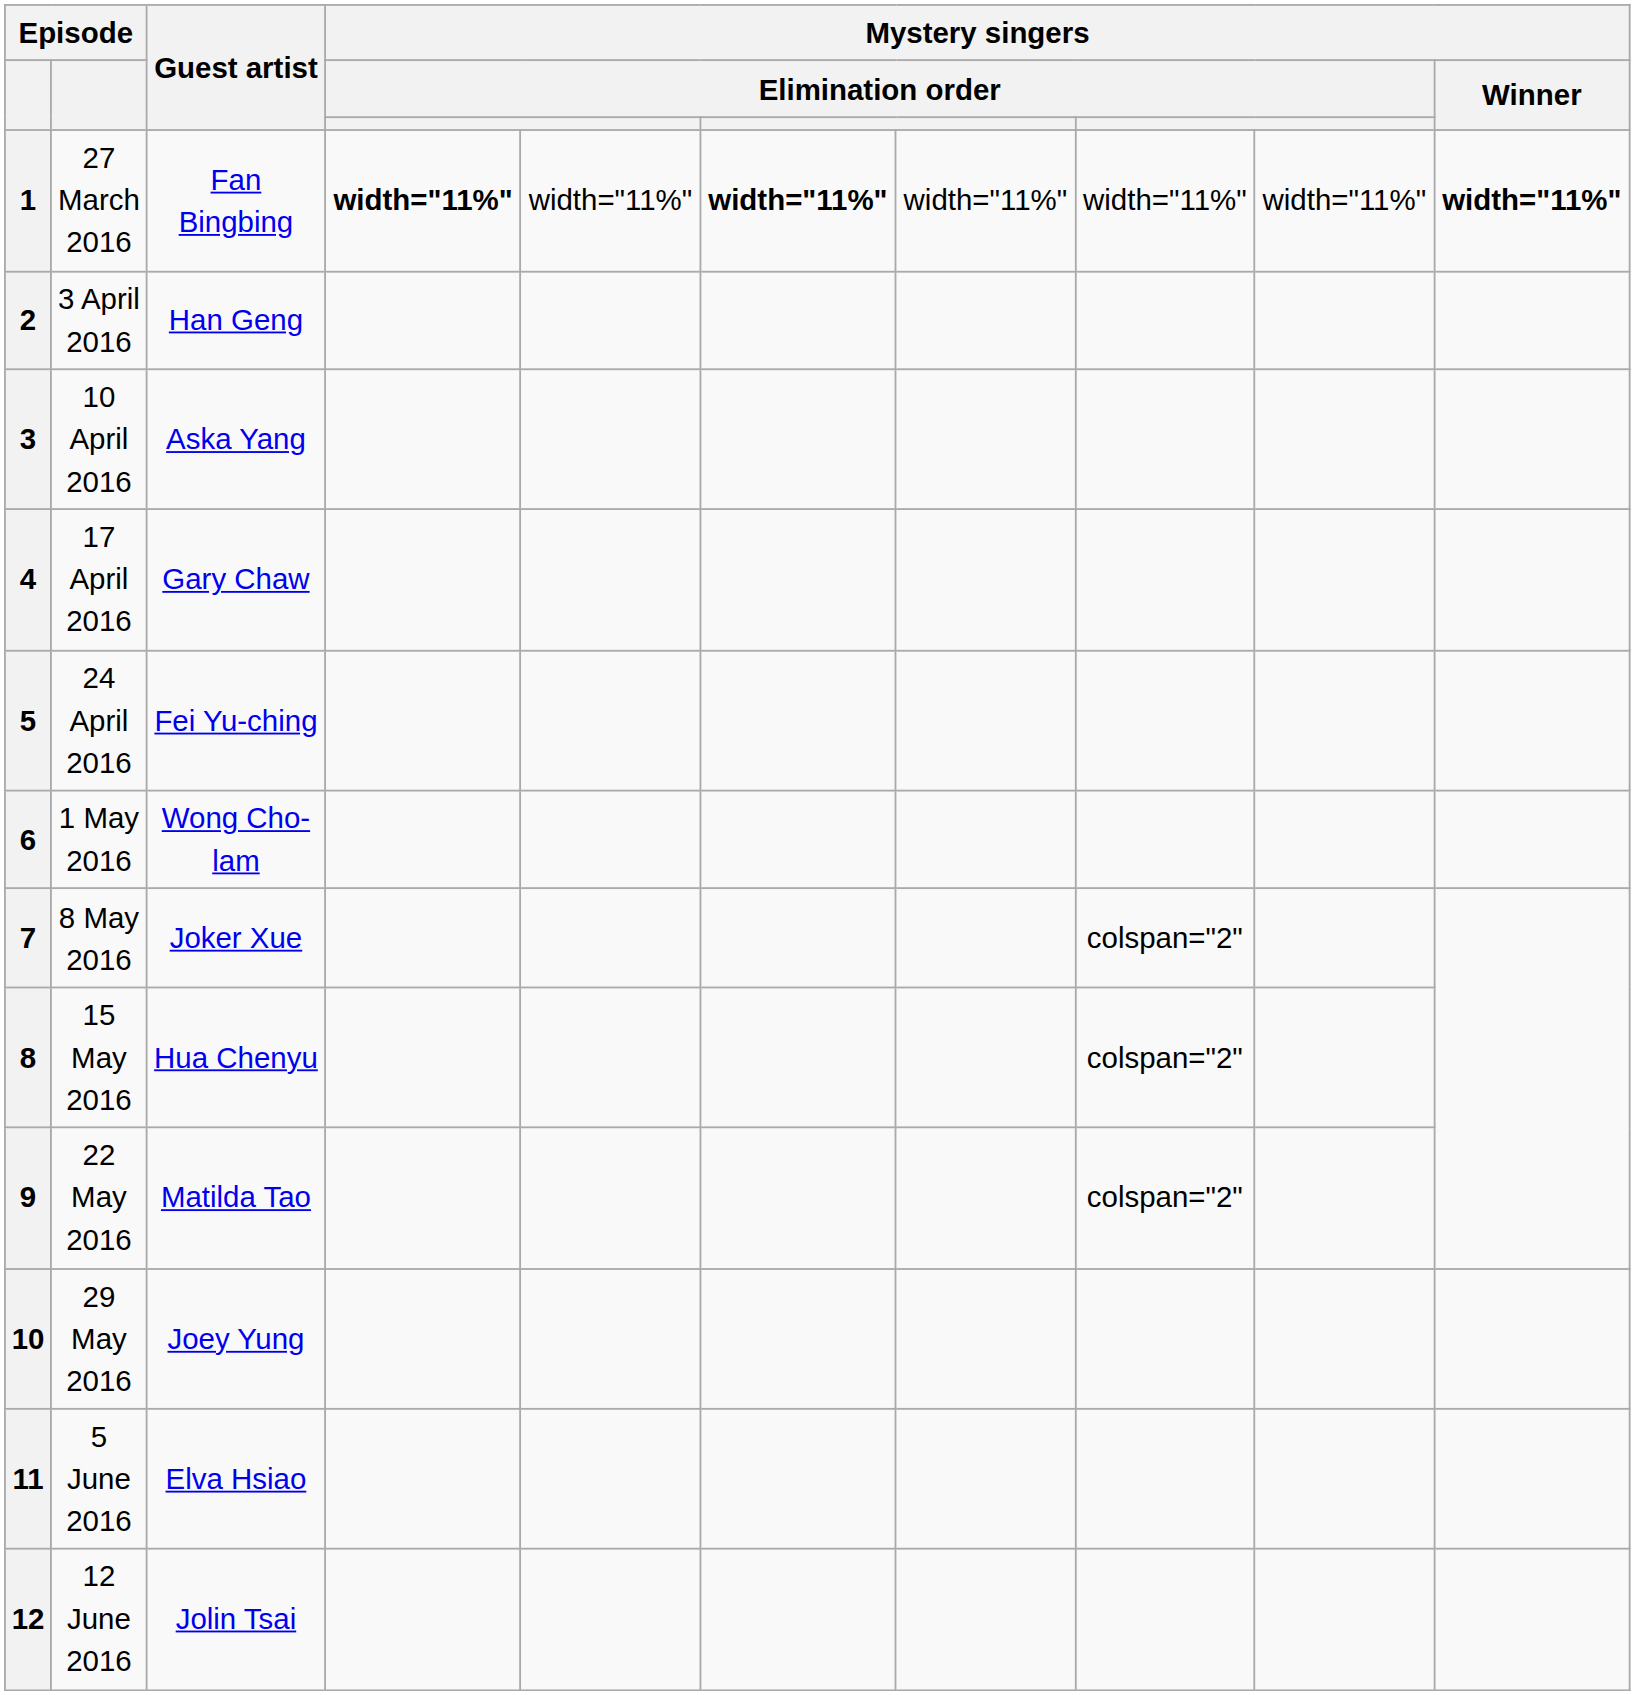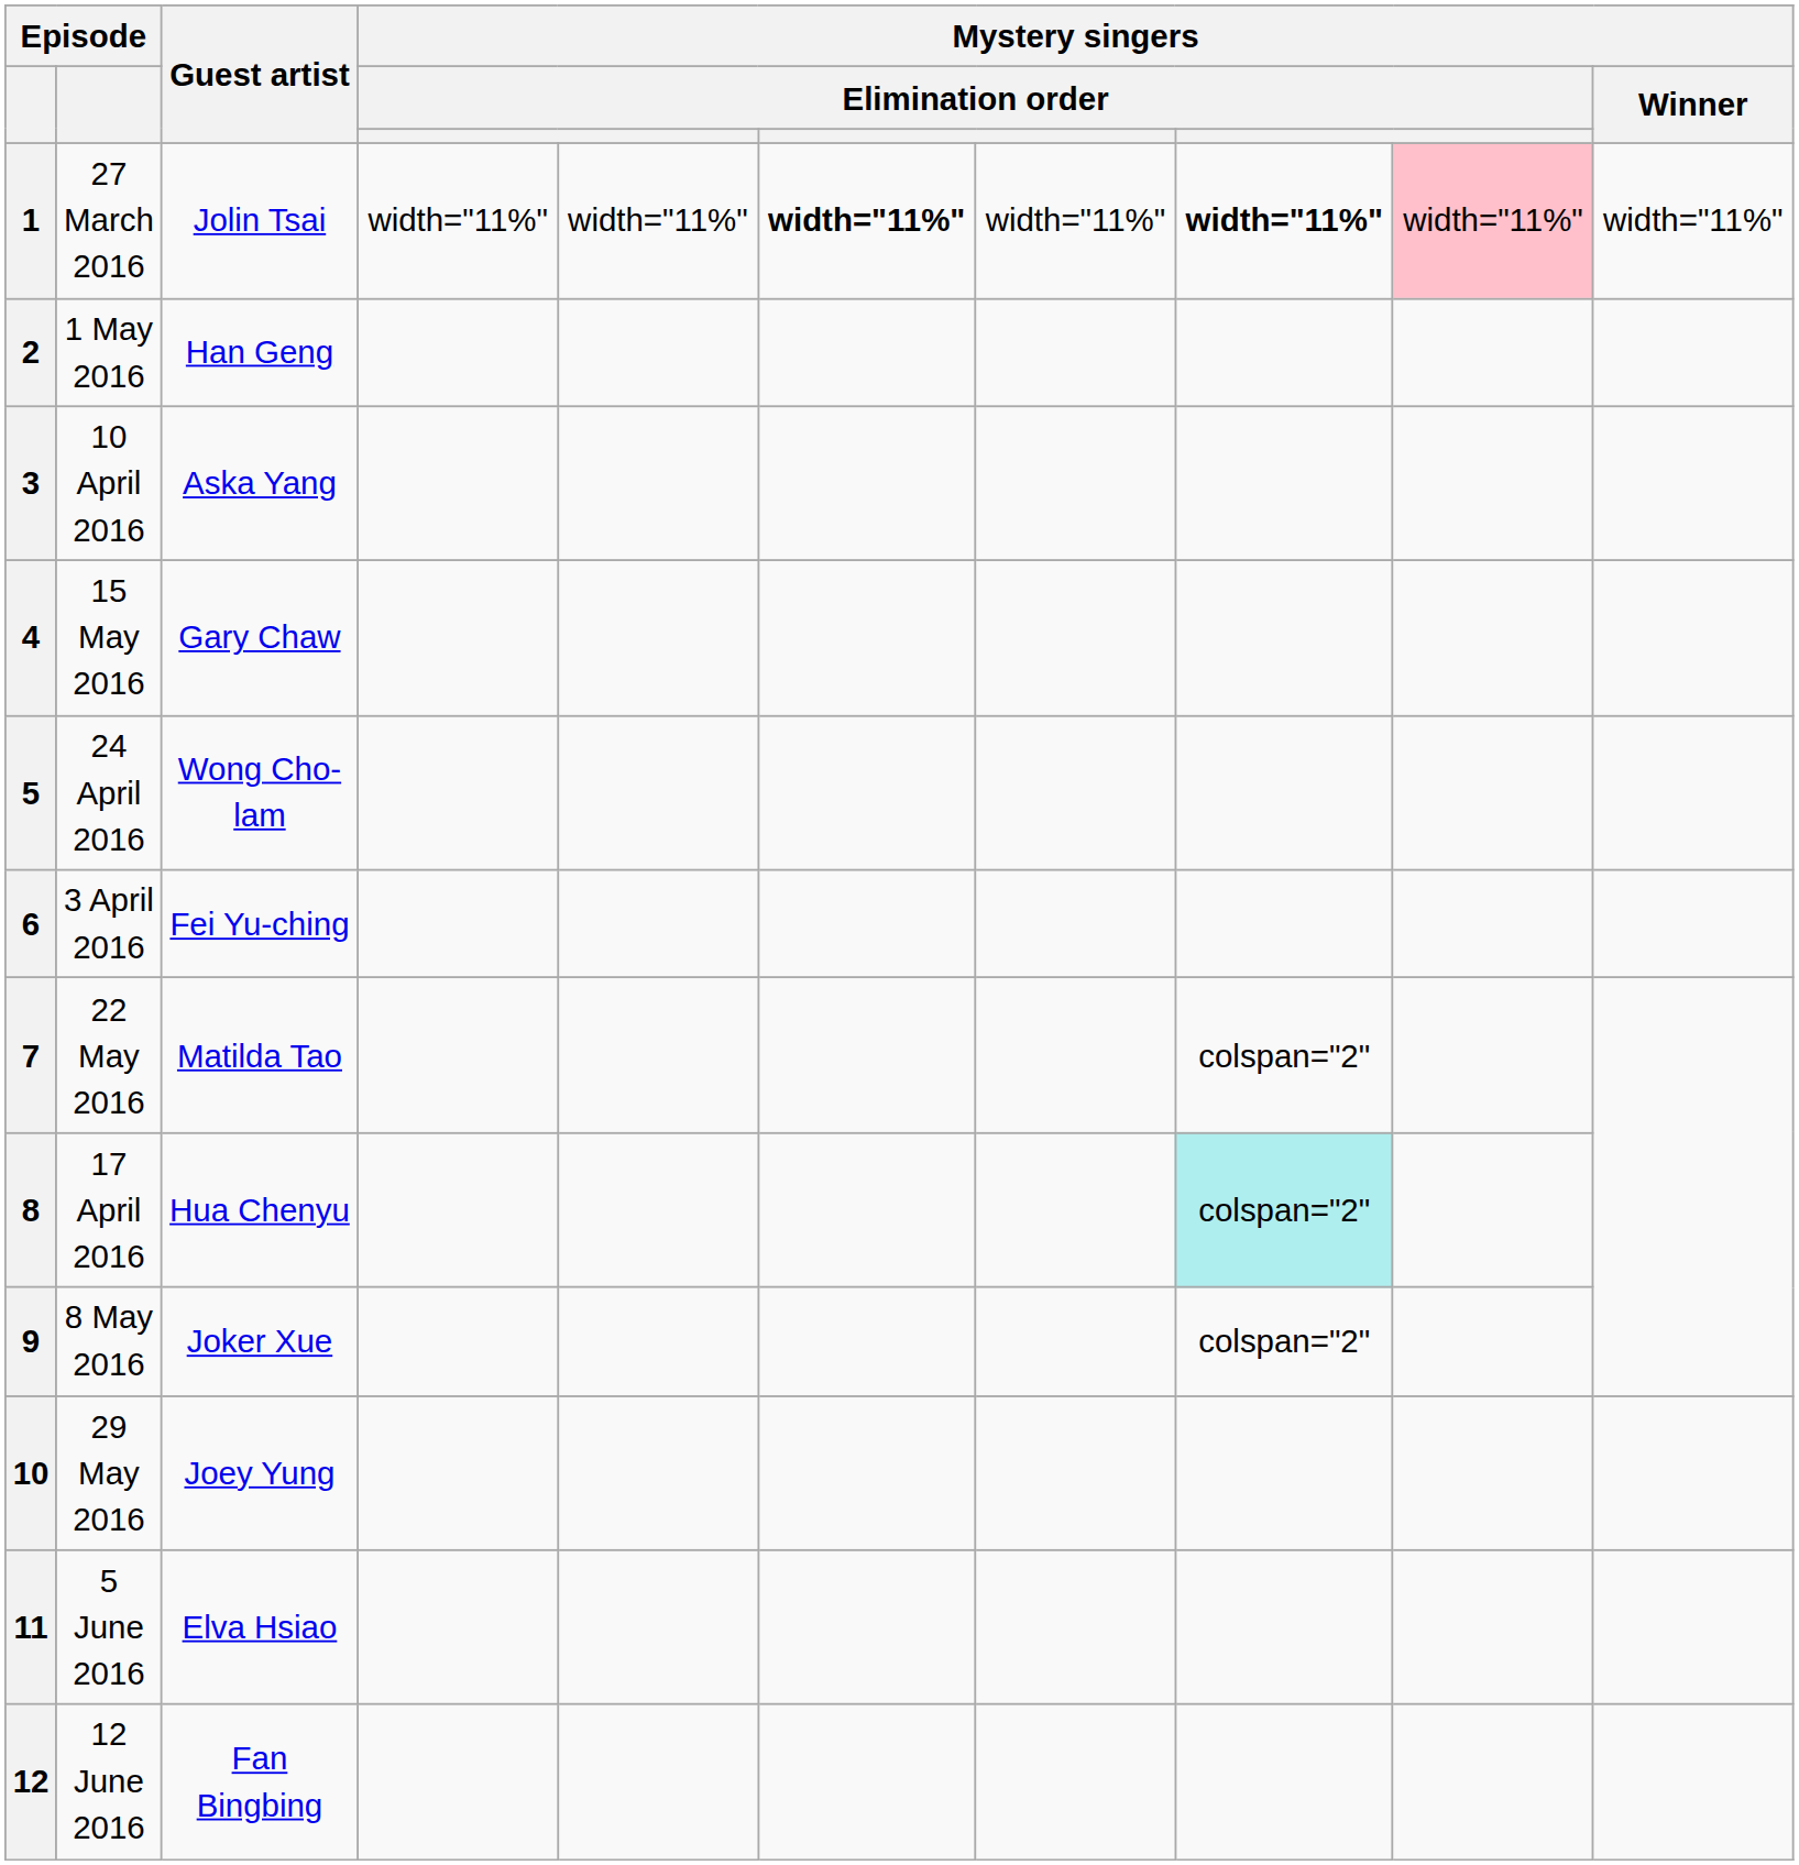 <table class="wikitable plainrowheaders mw-collapsible" style="text-align:center; line-height:23px; width:100%;">
 <tr>
 <th colspan="2" width="1%">Episode</th>
 <th rowspan="3" width="11%">Guest artist</th>
 <th colspan="7">Mystery singers<br></th>
 </tr>
 <tr>
 <th rowspan="2"></th>
 <th rowspan="2"></th>
 <th colspan="6">Elimination order</th>
 <th rowspan="2">Winner</th>
 </tr>
 <tr>
 <th colspan="2"></th>
 <th colspan="2"></th>
 <th colspan="2"></th>
 </tr>
 <tr>
 <th>1</th>
 <td>27 March 2016</td>
-<td><a href='#'>Fan Bingbing</a><br></td>
+<td><a href='#'>Jolin Tsai</a></td>
+<td>width="11%" </td>
+<td>width="11%" </td>
 <td><strong>width="11%" </strong></td>
 <td>width="11%" </td>
 <td><strong>width="11%" </strong></td>
+<td style="background: pink;">width="11%" </td>
 <td>width="11%" </td>
-<td>width="11%" </td>
-<td>width="11%" </td>
-<td><strong>width="11%" </strong></td>
 </tr>
 <tr>
 <th>2</th>
-<td>3 April 2016</td>
+<td>1 May 2016</td>
 <td><a href='#'>Han Geng</a><br></td>
 <td></td>
 <td></td>
 <td></td>
 <td></td>
 <td></td>
 <td></td>
 <td></td>
 </tr>
 <tr>
 <th>3</th>
 <td>10 April 2016</td>
 <td><a href='#'>Aska Yang</a><br></td>
 <td></td>
 <td></td>
 <td></td>
 <td></td>
 <td></td>
 <td></td>
 <td></td>
 </tr>
 <tr>
 <th>4</th>
-<td>17 April 2016</td>
+<td>15 May 2016</td>
 <td><a href='#'>Gary Chaw</a><br></td>
 <td></td>
 <td></td>
 <td></td>
 <td></td>
 <td></td>
 <td></td>
 <td></td>
 </tr>
 <tr>
 <th>5</th>
 <td>24 April 2016</td>
+<td><a href='#'>Wong Cho-lam</a><br></td>
+<td></td>
+<td></td>
+<td></td>
+<td></td>
+<td></td>
+<td></td>
+<td></td>
+</tr>
+<tr>
+<th>6</th>
+<td>3 April 2016</td>
 <td><a href='#'>Fei Yu-ching</a></td>
 <td></td>
 <td></td>
 <td></td>
 <td></td>
 <td></td>
 <td></td>
 <td></td>
 </tr>
 <tr>
-<th>6</th>
-<td>1 May 2016</td>
-<td><a href='#'>Wong Cho-lam</a><br></td>
-<td></td>
-<td></td>
-<td></td>
-<td></td>
-<td></td>
-<td></td>
-<td></td>
-</tr>
-<tr>
 <th>7</th>
-<td>8 May 2016</td>
-<td><a href='#'>Joker Xue</a><br></td>
+<td>22 May 2016</td>
+<td><a href='#'>Matilda Tao</a></td>
 <td></td>
 <td></td>
 <td></td>
 <td></td>
 <td>colspan="2" </td>
 <td></td>
 </tr>
 <tr>
 <th>8</th>
-<td>15 May 2016</td>
+<td>17 April 2016</td>
 <td><a href='#'>Hua Chenyu</a><br></td>
 <td></td>
 <td></td>
 <td></td>
 <td></td>
-<td>colspan="2" </td>
+<td style="background: paleturquoise;">colspan="2" </td>
 <td></td>
 </tr>
 <tr>
 <th>9</th>
-<td>22 May 2016</td>
-<td><a href='#'>Matilda Tao</a></td>
+<td>8 May 2016</td>
+<td><a href='#'>Joker Xue</a><br></td>
 <td></td>
 <td></td>
 <td></td>
 <td></td>
 <td>colspan="2" </td>
 <td></td>
 </tr>
 <tr>
 <th>10</th>
 <td>29 May 2016</td>
 <td><a href='#'>Joey Yung</a></td>
 <td></td>
 <td></td>
 <td></td>
 <td></td>
 <td></td>
 <td></td>
 <td></td>
 </tr>
 <tr>
 <th>11</th>
 <td>5 June 2016</td>
 <td><a href='#'>Elva Hsiao</a></td>
 <td></td>
 <td></td>
 <td></td>
 <td></td>
 <td></td>
 <td></td>
 <td></td>
 </tr>
 <tr>
 <th>12</th>
 <td>12 June 2016</td>
-<td><a href='#'>Jolin Tsai</a></td>
+<td><a href='#'>Fan Bingbing</a><br></td>
 <td></td>
 <td></td>
 <td></td>
 <td></td>
 <td></td>
 <td></td>
 <td></td>
 </tr>
 </table>
